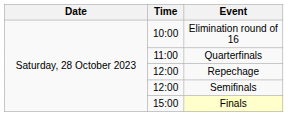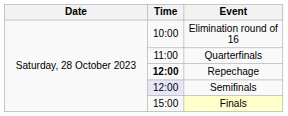 <table class = "wikitable" style="text-align:center;">
 <tr>
 <th width=220>Date</th>
 <th width=50>Time</th>
 <th width=150>Event</th>
 </tr>
 <tr>
 <td rowspan=5>Saturday, 28 October 2023</td>
 <td>10:00</td>
 <td>Elimination round of 16</td>
 </tr>
 <tr>
 <td>11:00</td>
 <td>Quarterfinals</td>
 </tr>
 <tr>
-<td>12:00</td>
+<td><strong>12:00</strong></td>
 <td>Repechage</td>
 </tr>
 <tr>
-<td>12:00</td>
+<td style="background: lavender;">12:00</td>
 <td>Semifinals</td>
 </tr>
 <tr>
 <td>15:00</td>
 <td bgcolor=ffffcc>Finals</td>
 </tr>
 </table>
